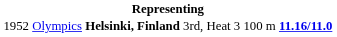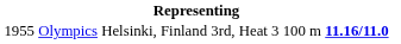 <table>
 <tr>
 <th colspan="6">Representing </th>
 </tr>
 <tr>
-<td>1952</td>
+<td>1955</td>
 <td><a href='#'>Olympics</a></td>
-<td><strong>Helsinki, Finland</strong></td>
+<td>Helsinki, Finland</td>
 <td>3rd, Heat 3</td>
 <td>100 m</td>
 <td><strong><a href='#'>11.16/11.0</a></strong></td>
 </tr>
 </table>
